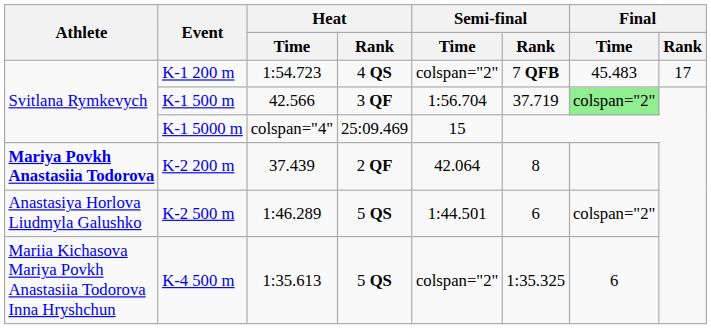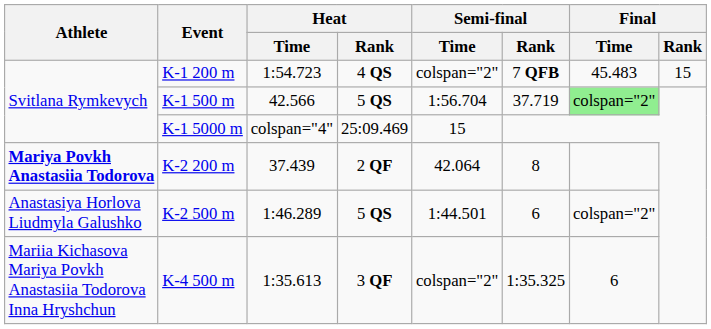 <table class="wikitable" style="text-align: center; font-size:90%">
 <tr>
 <th rowspan="2">Athlete</th>
 <th rowspan="2">Event</th>
 <th colspan="2">Heat</th>
 <th colspan="2">Semi-final</th>
 <th colspan="2">Final</th>
 </tr>
 <tr>
 <th>Time</th>
 <th>Rank</th>
 <th>Time</th>
 <th>Rank</th>
 <th>Time</th>
 <th>Rank</th>
 </tr>
 <tr>
 <td align="left" rowspan="3"><a href='#'>Svitlana Rymkevych</a></td>
 <td align="left"><a href='#'>K-1 200 m</a></td>
 <td>1:54.723</td>
 <td>4 <strong>QS</strong></td>
 <td>colspan="2" </td>
 <td>7 <strong>QFB</strong></td>
 <td>45.483</td>
-<td>17</td>
+<td>15</td>
 </tr>
 <tr>
 <td align="left"><a href='#'>K-1 500 m</a></td>
 <td>42.566</td>
-<td>3 <strong>QF</strong></td>
+<td>5 <strong>QS</strong></td>
 <td>1:56.704</td>
 <td>37.719</td>
 <td style="background: lightgreen;">colspan="2" </td>
 </tr>
 <tr>
 <td align="left"><a href='#'>K-1 5000 m</a></td>
 <td>colspan="4" </td>
 <td>25:09.469</td>
 <td>15</td>
 </tr>
 <tr>
 <td align="left"><strong><a href='#'>Mariya Povkh</a><br><a href='#'>Anastasiia Todorova</a></strong></td>
 <td align="left"><a href='#'>K-2 200 m</a></td>
 <td>37.439</td>
 <td>2 <strong>QF</strong></td>
 <td>42.064</td>
 <td>8</td>
 <td></td>
 </tr>
 <tr>
 <td align="left"><a href='#'>Anastasiya Horlova</a><br><a href='#'>Liudmyla Galushko</a></td>
 <td align="left"><a href='#'>K-2 500 m</a></td>
 <td>1:46.289</td>
 <td>5 <strong>QS</strong></td>
 <td>1:44.501</td>
 <td>6</td>
 <td>colspan="2" </td>
 </tr>
 <tr>
 <td align="left"><a href='#'>Mariia Kichasova</a><br><a href='#'>Mariya Povkh</a><br><a href='#'>Anastasiia Todorova</a><br><a href='#'>Inna Hryshchun</a></td>
 <td align="left"><a href='#'>K-4 500 m</a></td>
 <td>1:35.613</td>
-<td>5 <strong>QS</strong></td>
+<td>3 <strong>QF</strong></td>
 <td>colspan="2" </td>
 <td>1:35.325</td>
 <td>6</td>
 </tr>
 </table>
